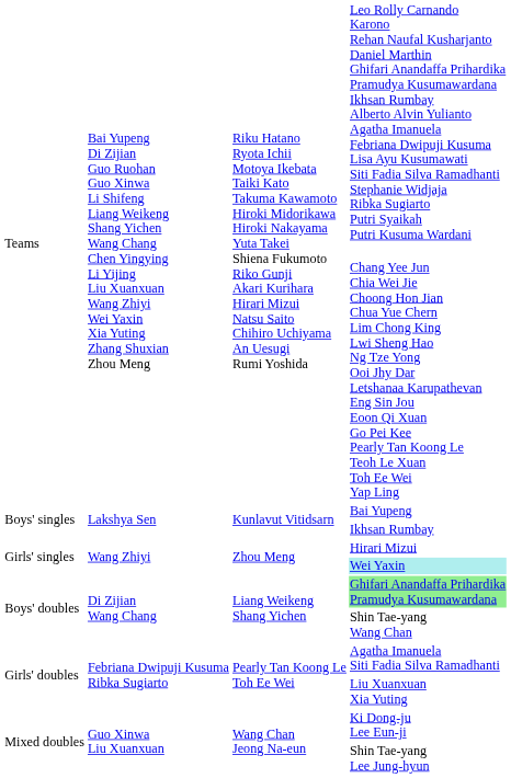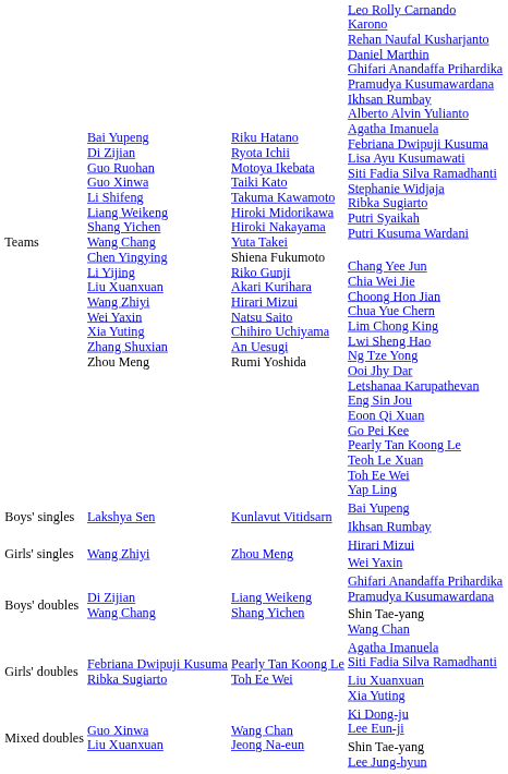 <table>
 <tr>
 <td rowspan=2>Teams<br></td>
 <td rowspan=2> <br> <a href='#'>Bai Yupeng</a><br><a href='#'>Di Zijian</a><br><a href='#'>Guo Ruohan</a><br><a href='#'>Guo Xinwa</a><br><a href='#'>Li Shifeng</a><br><a href='#'>Liang Weikeng</a><br><a href='#'>Shang Yichen</a><br><a href='#'>Wang Chang</a><br><a href='#'>Chen Yingying</a><br><a href='#'>Li Yijing</a><br><a href='#'>Liu Xuanxuan</a><br><a href='#'>Wang Zhiyi</a><br><a href='#'>Wei Yaxin</a><br><a href='#'>Xia Yuting</a><br><a href='#'>Zhang Shuxian</a><br>Zhou Meng</td>
 <td rowspan=2> <br> <a href='#'>Riku Hatano</a><br><a href='#'>Ryota Ichii</a><br><a href='#'>Motoya Ikebata</a><br><a href='#'>Taiki Kato</a><br><a href='#'>Takuma Kawamoto</a><br><a href='#'>Hiroki Midorikawa</a><br><a href='#'>Hiroki Nakayama</a><br><a href='#'>Yuta Takei</a><br>Shiena Fukumoto<br><a href='#'>Riko Gunji</a><br><a href='#'>Akari Kurihara</a><br><a href='#'>Hirari Mizui</a><br><a href='#'>Natsu Saito</a><br><a href='#'>Chihiro Uchiyama</a><br><a href='#'>An Uesugi</a><br>Rumi Yoshida</td>
 <td> <br> <a href='#'>Leo Rolly Carnando</a><br><a href='#'>Karono</a><br><a href='#'>Rehan Naufal Kusharjanto</a><br><a href='#'>Daniel Marthin</a><br><a href='#'>Ghifari Anandaffa Prihardika</a><br><a href='#'>Pramudya Kusumawardana</a><br><a href='#'>Ikhsan Rumbay</a><br><a href='#'>Alberto Alvin Yulianto</a><br><a href='#'>Agatha Imanuela</a><br><a href='#'>Febriana Dwipuji Kusuma</a><br><a href='#'>Lisa Ayu Kusumawati</a><br><a href='#'>Siti Fadia Silva Ramadhanti</a><br><a href='#'>Stephanie Widjaja</a><br><a href='#'>Ribka Sugiarto</a><br><a href='#'>Putri Syaikah</a><br><a href='#'>Putri Kusuma Wardani</a></td>
 </tr>
 <tr>
 <td> <br> <a href='#'>Chang Yee Jun</a><br><a href='#'>Chia Wei Jie</a><br><a href='#'>Choong Hon Jian</a><br><a href='#'>Chua Yue Chern</a><br><a href='#'>Lim Chong King</a><br><a href='#'>Lwi Sheng Hao</a><br><a href='#'>Ng Tze Yong</a><br><a href='#'>Ooi Jhy Dar</a><br><a href='#'>Letshanaa Karupathevan</a><br><a href='#'>Eng Sin Jou</a><br><a href='#'>Eoon Qi Xuan</a><br><a href='#'>Go Pei Kee</a><br><a href='#'>Pearly Tan Koong Le</a><br><a href='#'>Teoh Le Xuan</a><br><a href='#'>Toh Ee Wei</a><br><a href='#'>Yap Ling</a></td>
 </tr>
 <tr>
 <td rowspan=2>Boys' singles<br></td>
 <td rowspan=2> <a href='#'>Lakshya Sen</a></td>
 <td rowspan=2> <a href='#'>Kunlavut Vitidsarn</a></td>
 <td> <a href='#'>Bai Yupeng</a></td>
 </tr>
 <tr>
 <td> <a href='#'>Ikhsan Rumbay</a></td>
 </tr>
 <tr>
 <td rowspan=2>Girls' singles<br></td>
 <td rowspan=2> <a href='#'>Wang Zhiyi</a></td>
 <td rowspan=2> <a href='#'>Zhou Meng</a></td>
 <td> <a href='#'>Hirari Mizui</a></td>
 </tr>
 <tr>
-<td style="background: paleturquoise;"> <a href='#'>Wei Yaxin</a></td>
+<td> <a href='#'>Wei Yaxin</a></td>
 </tr>
 <tr>
 <td rowspan=2>Boys' doubles<br></td>
 <td rowspan=2> <a href='#'>Di Zijian</a><br> <a href='#'>Wang Chang</a></td>
 <td rowspan=2> <a href='#'>Liang Weikeng</a><br> <a href='#'>Shang Yichen</a></td>
-<td style="background: lightgreen;"> <a href='#'>Ghifari Anandaffa Prihardika</a><br> <a href='#'>Pramudya Kusumawardana</a></td>
+<td> <a href='#'>Ghifari Anandaffa Prihardika</a><br> <a href='#'>Pramudya Kusumawardana</a></td>
 </tr>
 <tr>
 <td> Shin Tae-yang<br> <a href='#'>Wang Chan</a></td>
 </tr>
 <tr>
 <td rowspan=2>Girls' doubles<br></td>
 <td rowspan=2> <a href='#'>Febriana Dwipuji Kusuma</a><br> <a href='#'>Ribka Sugiarto</a></td>
 <td rowspan=2> <a href='#'>Pearly Tan Koong Le</a><br> <a href='#'>Toh Ee Wei</a></td>
 <td> <a href='#'>Agatha Imanuela</a><br> <a href='#'>Siti Fadia Silva Ramadhanti</a></td>
 </tr>
 <tr>
 <td> <a href='#'>Liu Xuanxuan</a><br> <a href='#'>Xia Yuting</a></td>
 </tr>
 <tr>
 <td rowspan=2>Mixed doubles<br></td>
 <td rowspan=2> <a href='#'>Guo Xinwa</a> <br> <a href='#'>Liu Xuanxuan</a></td>
 <td rowspan=2> <a href='#'>Wang Chan</a><br> <a href='#'>Jeong Na-eun</a></td>
 <td> <a href='#'>Ki Dong-ju</a><br> <a href='#'>Lee Eun-ji</a></td>
 </tr>
 <tr>
 <td> Shin Tae-yang<br> <a href='#'>Lee Jung-hyun</a></td>
 </tr>
 <tr>
 </tr>
 </table>
